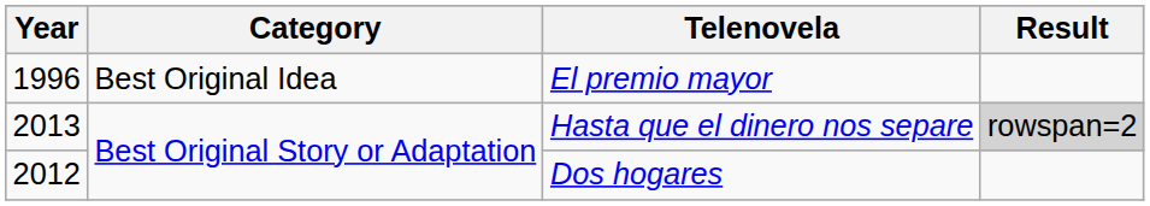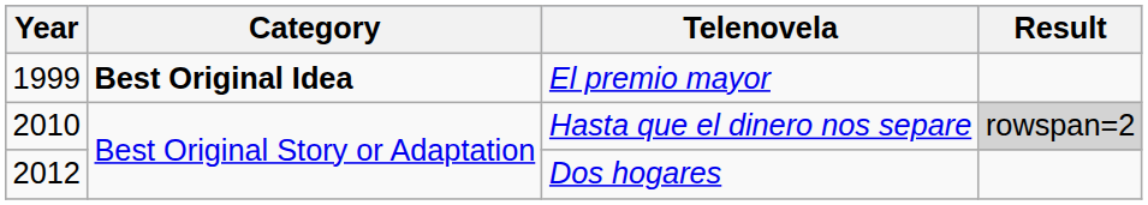 <table class="wikitable">
 <tr style="background:#b0c4de;">
 <th>Year</th>
 <th>Category</th>
 <th>Telenovela</th>
 <th>Result</th>
 </tr>
 <tr>
-<td>1996</td>
-<td>Best Original Idea</td>
+<td>1999</td>
+<td><strong>Best Original Idea</strong></td>
 <td><em><a href='#'>El premio mayor</a></em></td>
 <td></td>
 </tr>
 <tr>
-<td>2013</td>
+<td>2010</td>
 <td rowspan=2><a href='#'>Best Original Story or Adaptation</a></td>
 <td><em><a href='#'>Hasta que el dinero nos separe</a></em></td>
 <td style="background: lightgrey;">rowspan=2 </td>
 </tr>
 <tr>
 <td>2012</td>
 <td><em><a href='#'>Dos hogares</a></em></td>
 </tr>
 </table>
